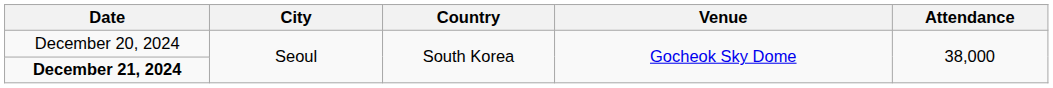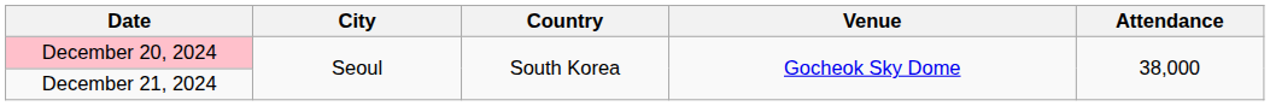 <table class="wikitable" style="text-align:center;">
 <tr>
 <th scope="col" style="width:12em">Date</th>
 <th scope="col" style="width:10em">City</th>
 <th scope="col" style="width:10em">Country</th>
 <th scope="col" style="width:20em">Venue</th>
 <th scope="col" style="width:9em">Attendance</th>
 </tr>
 <tr>
-<td>December 20, 2024</td>
+<td style="background: pink;">December 20, 2024</td>
 <td rowspan="2">Seoul</td>
 <td rowspan="2">South Korea</td>
 <td rowspan="2"><a href='#'>Gocheok Sky Dome</a></td>
 <td rowspan=2>38,000</td>
 </tr>
 <tr>
-<td><strong>December 21, 2024</strong></td>
+<td>December 21, 2024</td>
 </tr>
 </table>
